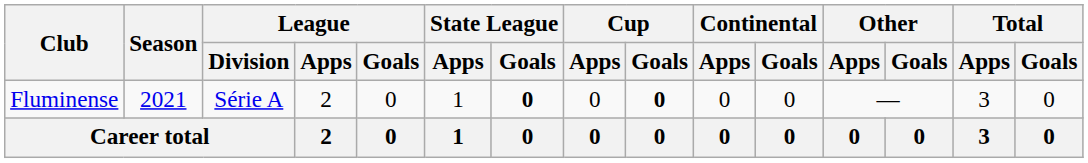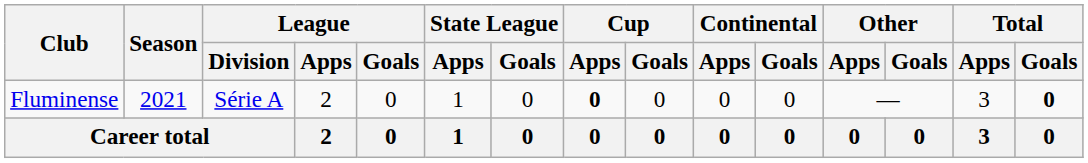 <table class="wikitable" style="text-align: center; font-size:96%">
 <tr>
 <th rowspan="2">Club</th>
 <th rowspan="2">Season</th>
 <th colspan="3">League</th>
 <th colspan="2">State League</th>
 <th colspan="2">Cup</th>
 <th colspan="2">Continental</th>
 <th colspan="2">Other</th>
 <th colspan="2">Total</th>
 </tr>
 <tr>
 <th>Division</th>
 <th>Apps</th>
 <th>Goals</th>
 <th>Apps</th>
 <th>Goals</th>
 <th>Apps</th>
 <th>Goals</th>
 <th>Apps</th>
 <th>Goals</th>
 <th>Apps</th>
 <th>Goals</th>
 <th>Apps</th>
 <th>Goals</th>
 </tr>
 <tr>
 <td><a href='#'>Fluminense</a></td>
 <td><a href='#'>2021</a></td>
 <td><a href='#'>Série A</a></td>
 <td>2</td>
 <td>0</td>
 <td>1</td>
-<td><strong>0</strong></td>
 <td>0</td>
 <td><strong>0</strong></td>
 <td>0</td>
 <td>0</td>
+<td>0</td>
 <td colspan="2">—</td>
 <td>3</td>
-<td>0</td>
+<td><strong>0</strong></td>
 </tr>
 <tr>
 <th colspan="3"><strong>Career total</strong></th>
 <th>2</th>
 <th>0</th>
 <th>1</th>
 <th>0</th>
 <th>0</th>
 <th>0</th>
 <th>0</th>
 <th>0</th>
 <th>0</th>
 <th>0</th>
 <th>3</th>
 <th>0</th>
 </tr>
 </table>
